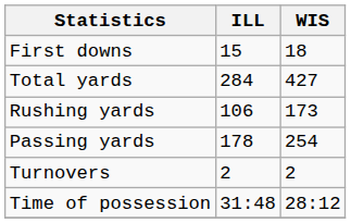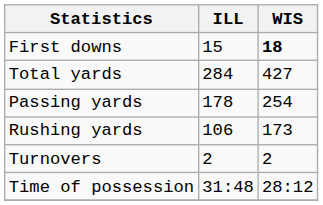 <table class="wikitable" style="float: left;">
 <tr>
 <th>Statistics</th>
 <th>ILL</th>
 <th>WIS</th>
 </tr>
 <tr>
 <td>First downs</td>
 <td>15</td>
-<td>18</td>
+<td><strong>18</strong></td>
 </tr>
 <tr>
 <td>Total yards</td>
 <td>284</td>
 <td>427</td>
 </tr>
 <tr>
+<td>Passing yards</td>
+<td>178</td>
+<td>254</td>
+</tr>
+<tr>
 <td>Rushing yards</td>
 <td>106</td>
 <td>173</td>
-</tr>
-<tr>
-<td>Passing yards</td>
-<td>178</td>
-<td>254</td>
 </tr>
 <tr>
 <td>Turnovers</td>
 <td>2</td>
 <td>2</td>
 </tr>
 <tr>
 <td>Time of possession</td>
 <td>31:48</td>
 <td>28:12</td>
 </tr>
 <tr>
 </tr>
 </table>
